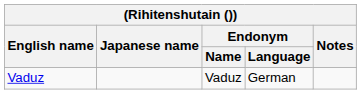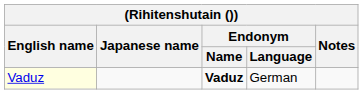 <table class="wikitable sortable">
 <tr>
 <th colspan="5"> (Rihitenshutain (<strong>))</strong></th>
 </tr>
 <tr>
 <th rowspan="2">English name</th>
 <th rowspan="2">Japanese name</th>
 <th colspan="2">Endonym</th>
 <th rowspan="2">Notes</th>
 </tr>
 <tr>
 <th>Name</th>
 <th>Language</th>
 </tr>
 <tr>
-<td><a href='#'>Vaduz</a></td>
+<td style="background: lightyellow;"><a href='#'>Vaduz</a></td>
 <td></td>
-<td>Vaduz</td>
+<td><strong>Vaduz</strong></td>
 <td>German</td>
 <td></td>
 </tr>
 </table>
